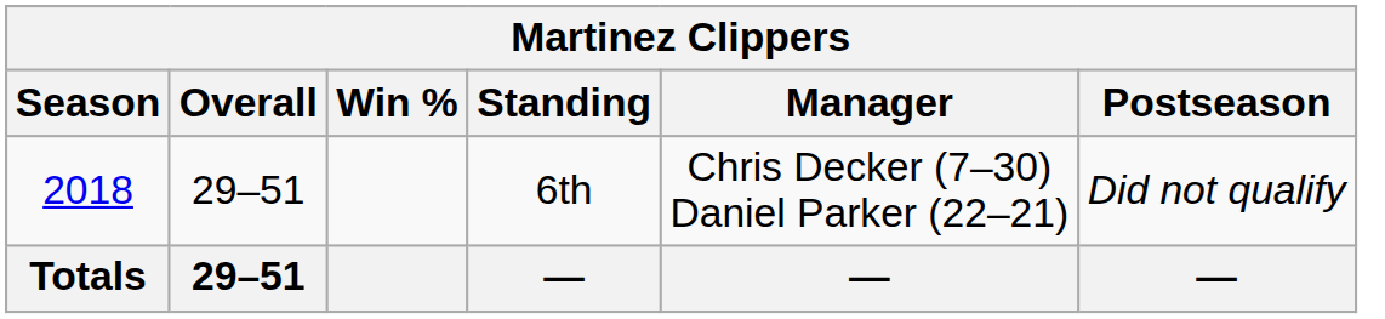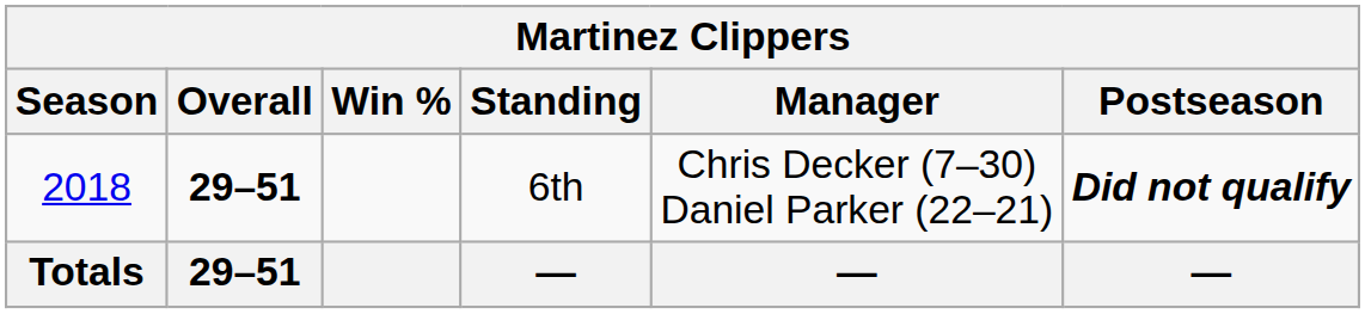 <table class="wikitable" style="text-align:center">
 <tr>
 <th colspan="7">Martinez Clippers</th>
 </tr>
 <tr>
 <th>Season</th>
 <th>Overall</th>
 <th>Win %</th>
 <th>Standing</th>
 <th>Manager</th>
 <th>Postseason</th>
 </tr>
 <tr>
 <td><a href='#'>2018</a></td>
-<td>29–51</td>
+<td><strong>29–51</strong></td>
 <td></td>
 <td>6th</td>
 <td>Chris Decker (7–30)<br> Daniel Parker (22–21)</td>
-<td><em>Did not qualify</em></td>
+<td><strong><em>Did not qualify</em></strong></td>
 </tr>
 <tr align="center">
 <th colspan="1">Totals</th>
 <th>29–51</th>
 <th></th>
 <th>—</th>
 <th>—</th>
 <th>—</th>
 </tr>
 </table>
